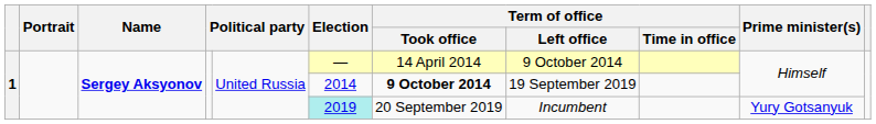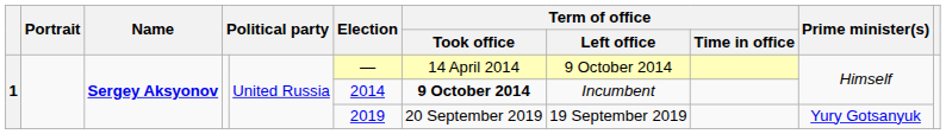 <table class="wikitable" style="text-align:center">
 <tr>
 <th rowspan=2></th>
 <th rowspan=2>Portrait</th>
 <th rowspan=2>Name</th>
 <th colspan=2 rowspan=2>Political party</th>
 <th rowspan=2>Election</th>
 <th colspan=3>Term of office</th>
 <th rowspan=2>Prime minister(s)</th>
 <th rowspan=2></th>
 </tr>
 <tr>
 <th>Took office</th>
 <th>Left office</th>
 <th>Time in office</th>
 </tr>
 <tr>
 <th rowspan=3>1</th>
 <td rowspan=3></td>
 <td rowspan=3><strong><a href='#'>Sergey Aksyonov</a></strong><br></td>
 <td rowspan=3 style="background: "></td>
 <td rowspan=3><a href='#'>United Russia</a></td>
 <td style="background:#FFB">—</td>
 <td style="background:#FFB">14 April 2014</td>
 <td style="background:#FFB">9 October 2014</td>
 <td style="background:#FFB"></td>
 <td rowspan=2><em>Himself</em></td>
 </tr>
 <tr>
 <td><a href='#'>2014</a></td>
 <td><strong>9 October 2014</strong></td>
-<td>19 September 2019</td>
+<td><em>Incumbent</em></td>
 <td></td>
 </tr>
 <tr>
-<td style="background: paleturquoise;"><a href='#'>2019</a></td>
+<td><a href='#'>2019</a></td>
 <td>20 September 2019</td>
-<td><em>Incumbent</em></td>
+<td>19 September 2019</td>
 <td></td>
 <td><a href='#'>Yury Gotsanyuk</a></td>
 </tr>
 </table>
